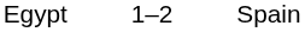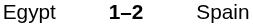 <table style="text-align:center">
 <tr>
 <th width=200></th>
 <th width=100></th>
 <th width=200></th>
 </tr>
 <tr>
 <td align=right>Egypt</td>
-<td>1–2</td>
+<td><strong>1–2</strong></td>
 <td align=left>Spain</td>
 </tr>
 <tr>
 </tr>
 </table>
